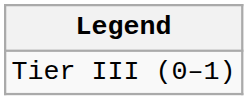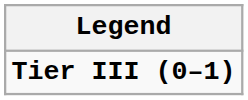 <table class=wikitable style=font-size:90%>
 <tr>
 <th>Legend</th>
 </tr>
 <tr>
-<td>Tier III (0–1)</td>
+<td><strong>Tier III (0–1)</strong></td>
 </tr>
 </table>
